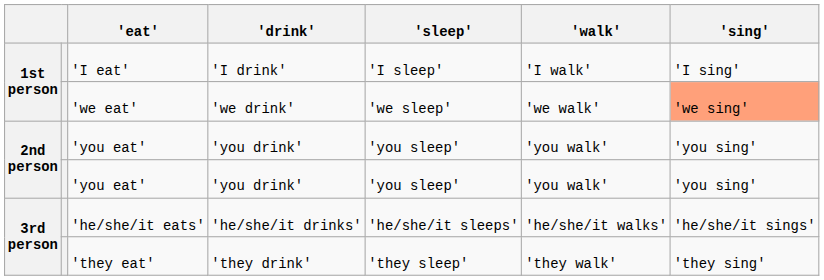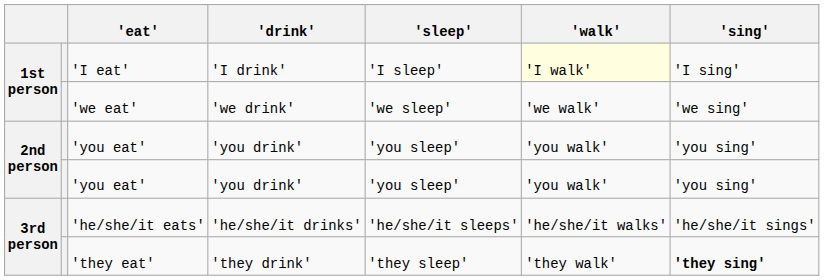 <table class="wikitable">
 <tr>
 <th colspan="2"></th>
 <th><br>'eat'</th>
 <th><br>'drink'</th>
 <th><br>'sleep'</th>
 <th><br>'walk'</th>
 <th><br>'sing'</th>
 </tr>
 <tr>
 <th rowspan="2">1st<br>person</th>
 <th></th>
 <td><br>'I eat'</td>
 <td><br>'I drink'</td>
 <td><br>'I sleep'</td>
-<td><br>'I walk'</td>
+<td style="background: lightyellow;"><br>'I walk'</td>
 <td><br>'I sing'</td>
 </tr>
 <tr>
 <th></th>
 <td><br>'we eat'</td>
 <td><br>'we drink'</td>
 <td><br>'we sleep'</td>
 <td><br>'we walk'</td>
-<td style="background: lightsalmon;"><br>'we sing'</td>
+<td><br>'we sing'</td>
 </tr>
 <tr>
 <th rowspan="2">2nd<br>person</th>
 <th></th>
 <td><br>'you eat'</td>
 <td><br>'you drink'</td>
 <td><br>'you sleep'</td>
 <td><br>'you walk'</td>
 <td><br>'you sing'</td>
 </tr>
 <tr>
 <th></th>
 <td><br>'you eat'</td>
 <td><br>'you drink'</td>
 <td><br>'you sleep'</td>
 <td><br>'you walk'</td>
 <td><br>'you sing'</td>
 </tr>
 <tr>
 <th rowspan="2">3rd<br>person</th>
 <th></th>
 <td><br>'he/she/it eats'</td>
 <td><br>'he/she/it drinks'</td>
 <td><br>'he/she/it sleeps'</td>
 <td><br>'he/she/it walks'</td>
 <td><br>'he/she/it sings'</td>
 </tr>
 <tr>
 <th></th>
 <td><br>'they eat'</td>
 <td><br>'they drink'</td>
 <td><br>'they sleep'</td>
 <td><br>'they walk'</td>
-<td><br>'they sing'</td>
+<td><strong><br>'they sing'</strong></td>
 </tr>
 </table>
